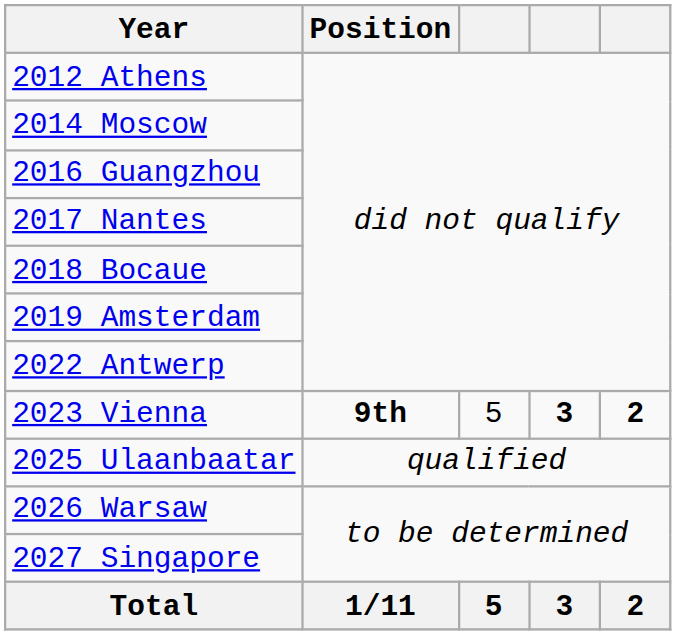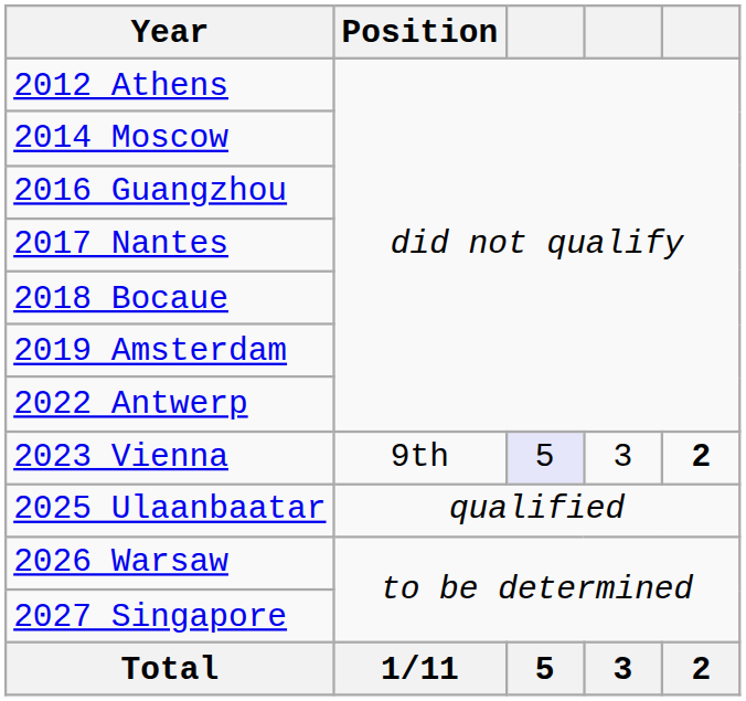 <table class="wikitable" style="text-align: center;">
 <tr>
 <th>Year</th>
 <th>Position</th>
 <th width=25px></th>
 <th width=25px></th>
 <th width=25px></th>
 </tr>
 <tr>
 <td style="text-align:left;"> <a href='#'>2012 Athens</a></td>
 <td colspan=4 rowspan=7><em>did not qualify</em></td>
 </tr>
 <tr>
 <td style="text-align:left;"> <a href='#'>2014 Moscow</a></td>
 </tr>
 <tr>
 <td style="text-align:left;"> <a href='#'>2016 Guangzhou</a></td>
 </tr>
 <tr>
 <td style="text-align:left;"> <a href='#'>2017 Nantes</a></td>
 </tr>
 <tr>
 <td style="text-align:left;"> <a href='#'>2018 Bocaue</a></td>
 </tr>
 <tr>
 <td style="text-align:left;"> <a href='#'>2019 Amsterdam</a></td>
 </tr>
 <tr>
 <td style="text-align:left;"> <a href='#'>2022 Antwerp</a></td>
 </tr>
 <tr>
 <td style="text-align:left;"> <a href='#'>2023 Vienna</a></td>
-<td><strong>9th</strong></td>
-<td>5</td>
-<td><strong>3</strong></td>
+<td>9th</td>
+<td style="background: lavender;">5</td>
+<td>3</td>
 <td><strong>2</strong></td>
 </tr>
 <tr>
 <td style="text-align:left;"> <a href='#'>2025 Ulaanbaatar</a></td>
 <td colspan=4><em>qualified</em></td>
 </tr>
 <tr>
 <td style="text-align:left;"> <a href='#'>2026 Warsaw</a></td>
 <td colspan=4 rowspan=2><em>to be determined</em></td>
 </tr>
 <tr>
 <td style="text-align:left;"> <a href='#'>2027 Singapore</a></td>
 </tr>
 <tr>
 <th>Total</th>
 <th>1/11</th>
 <th>5</th>
 <th>3</th>
 <th>2</th>
 </tr>
 </table>
